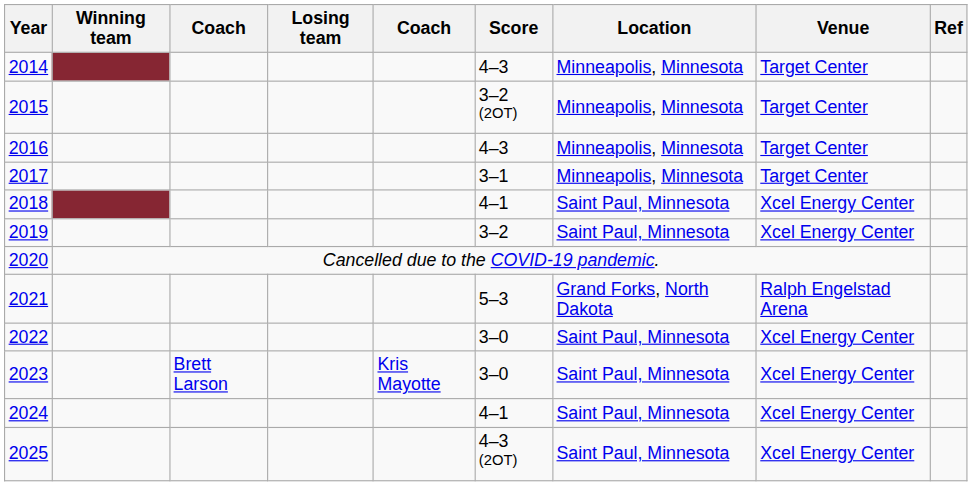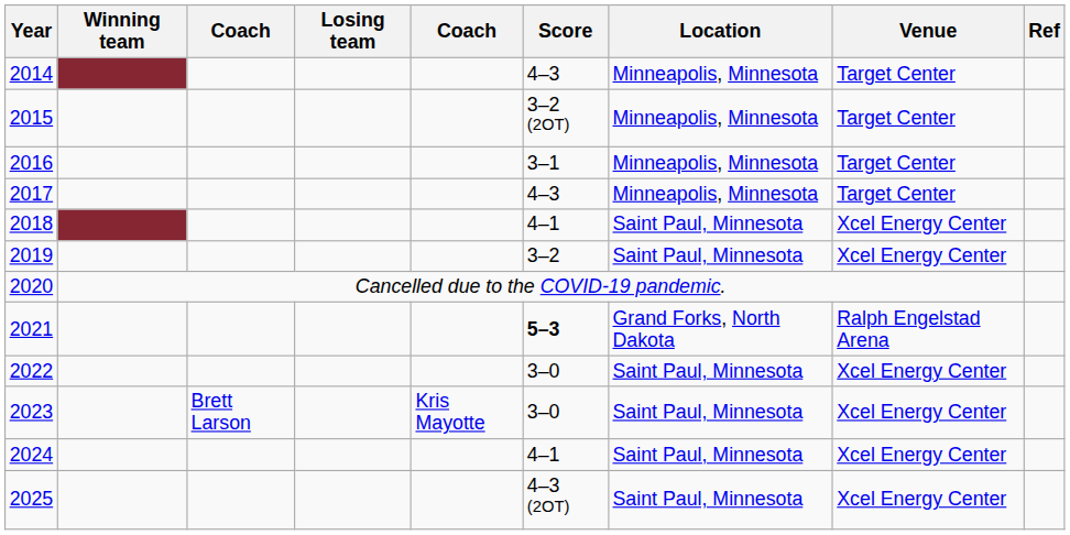 <table class="wikitable sortable">
 <tr>
 <th><strong>Year</strong></th>
 <th><strong>Winning team</strong></th>
 <th><strong>Coach</strong></th>
 <th><strong>Losing team</strong></th>
 <th><strong>Coach</strong></th>
 <th><strong>Score</strong></th>
 <th><strong>Location</strong></th>
 <th><strong>Venue</strong></th>
 <th><strong>Ref</strong></th>
 </tr>
 <tr>
 <td><a href='#'>2014</a></td>
 <td style="color:white; background:#862633; "><a href='#'></a></td>
 <td></td>
 <td><a href='#'></a></td>
 <td></td>
 <td>4–3</td>
 <td><a href='#'>Minneapolis</a>, <a href='#'>Minnesota</a></td>
 <td><a href='#'>Target Center</a></td>
 <td></td>
 </tr>
 <tr>
 <td><a href='#'>2015</a></td>
 <td><a href='#'></a></td>
 <td></td>
 <td><a href='#'></a></td>
 <td></td>
 <td>3–2 <sup>(2OT)</sup></td>
 <td><a href='#'>Minneapolis</a>, <a href='#'>Minnesota</a></td>
 <td><a href='#'>Target Center</a></td>
 <td></td>
 </tr>
 <tr>
 <td><a href='#'>2016</a></td>
 <td><a href='#'></a></td>
 <td></td>
 <td><a href='#'></a></td>
 <td></td>
-<td>4–3</td>
+<td>3–1</td>
 <td><a href='#'>Minneapolis</a>, <a href='#'>Minnesota</a></td>
 <td><a href='#'>Target Center</a></td>
 <td></td>
 </tr>
 <tr>
 <td><a href='#'>2017</a></td>
 <td><a href='#'></a></td>
 <td></td>
 <td><a href='#'></a></td>
 <td></td>
-<td>3–1</td>
+<td>4–3</td>
 <td><a href='#'>Minneapolis</a>, <a href='#'>Minnesota</a></td>
 <td><a href='#'>Target Center</a></td>
 <td></td>
 </tr>
 <tr>
 <td><a href='#'>2018</a></td>
 <td style="color:white; background:#862633; "><a href='#'></a></td>
 <td></td>
 <td><a href='#'></a></td>
 <td></td>
 <td>4–1</td>
 <td><a href='#'>Saint Paul, Minnesota</a></td>
 <td><a href='#'>Xcel Energy Center</a></td>
 <td></td>
 </tr>
 <tr>
 <td><a href='#'>2019</a></td>
 <td><a href='#'></a></td>
 <td></td>
 <td><a href='#'></a></td>
 <td></td>
 <td>3–2</td>
 <td><a href='#'>Saint Paul, Minnesota</a></td>
 <td><a href='#'>Xcel Energy Center</a></td>
 <td></td>
 </tr>
 <tr>
 <td><a href='#'>2020</a></td>
 <td colspan=7 align=center><em>Cancelled due to the <a href='#'>COVID-19 pandemic</a>.</em></td>
 <td></td>
 </tr>
 <tr>
 <td><a href='#'>2021</a></td>
 <td><a href='#'></a></td>
 <td></td>
 <td><a href='#'></a></td>
 <td></td>
-<td>5–3</td>
+<td><strong>5–3</strong></td>
 <td><a href='#'>Grand Forks</a>, <a href='#'>North Dakota</a></td>
 <td><a href='#'>Ralph Engelstad Arena</a></td>
 <td></td>
 </tr>
 <tr>
 <td><a href='#'>2022</a></td>
 <td><a href='#'></a></td>
 <td></td>
 <td><a href='#'></a></td>
 <td></td>
 <td>3–0</td>
 <td><a href='#'>Saint Paul, Minnesota</a></td>
 <td><a href='#'>Xcel Energy Center</a></td>
 <td></td>
 </tr>
 <tr>
 <td><a href='#'>2023</a></td>
 <td><a href='#'></a></td>
 <td><a href='#'>Brett Larson</a></td>
 <td><a href='#'></a></td>
 <td><a href='#'>Kris Mayotte</a></td>
 <td>3–0</td>
 <td><a href='#'>Saint Paul, Minnesota</a></td>
 <td><a href='#'>Xcel Energy Center</a></td>
 <td></td>
 </tr>
 <tr>
 <td><a href='#'>2024</a></td>
 <td><a href='#'></a></td>
 <td></td>
 <td><a href='#'></a></td>
 <td></td>
 <td>4–1</td>
 <td><a href='#'>Saint Paul, Minnesota</a></td>
 <td><a href='#'>Xcel Energy Center</a></td>
 <td></td>
 </tr>
 <tr>
 <td><a href='#'>2025</a></td>
 <td><a href='#'></a></td>
 <td></td>
 <td><a href='#'></a></td>
 <td></td>
 <td>4–3 <sup>(2OT)</sup></td>
 <td><a href='#'>Saint Paul, Minnesota</a></td>
 <td><a href='#'>Xcel Energy Center</a></td>
 <td></td>
 </tr>
 </table>
